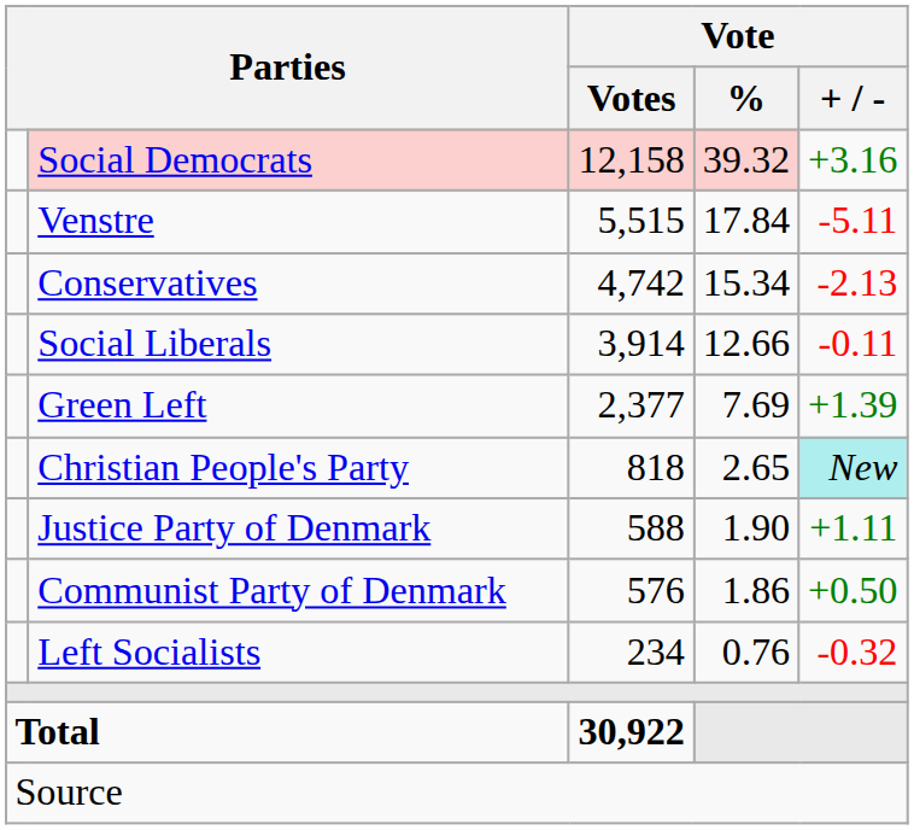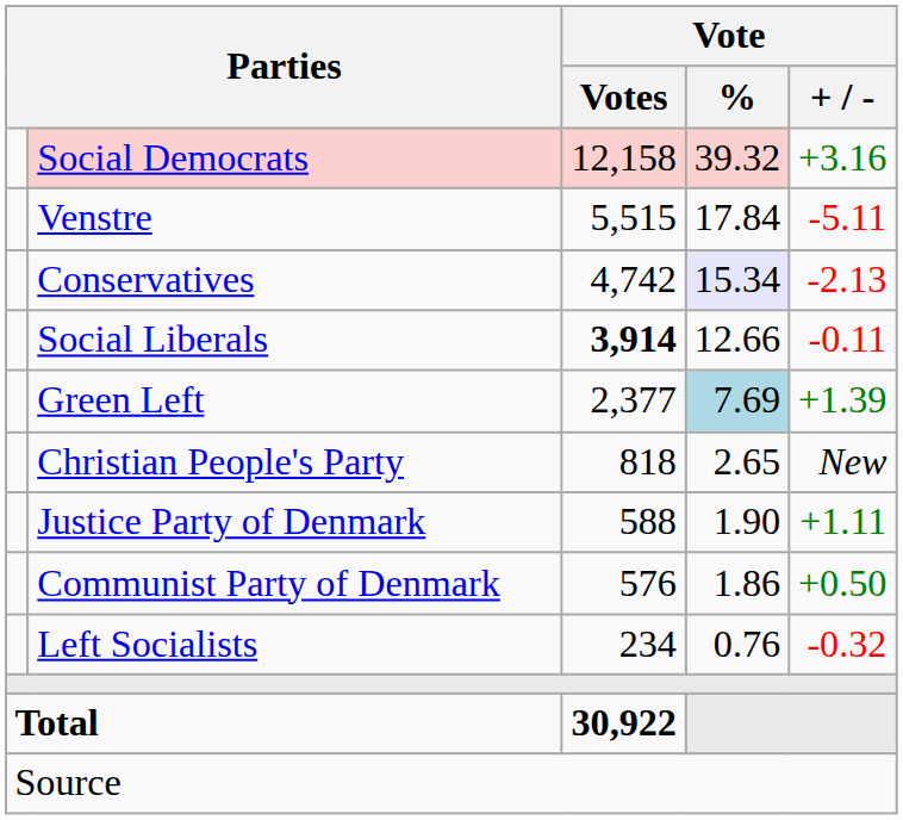 <table class="wikitable" style="text-align:right;">
 <tr>
 <th style="text-align:centre;" rowspan="2" colspan="2" width="225">Parties</th>
 <th colspan="3">Vote</th>
 </tr>
 <tr>
 <th width="15">Votes</th>
 <th width="15">%</th>
 <th width="15">+ / -</th>
 </tr>
 <tr>
 <td width="2" style="color:inherit;background:"></td>
 <td bgcolor=#fbd0ce  align="left"><a href='#'>Social Democrats</a></td>
 <td bgcolor=#fbd0ce>12,158</td>
 <td bgcolor=#fbd0ce>39.32</td>
 <td style=color:green;>+3.16</td>
 </tr>
 <tr>
 <td width="2" style="color:inherit;background:"></td>
 <td align="left"><a href='#'>Venstre</a></td>
 <td>5,515</td>
 <td>17.84</td>
 <td style=color:red;>-5.11</td>
 </tr>
 <tr>
 <td width="2" style="color:inherit;background:"></td>
 <td align="left"><a href='#'>Conservatives</a></td>
 <td>4,742</td>
-<td>15.34</td>
+<td style="background: lavender;">15.34</td>
 <td style=color:red;>-2.13</td>
 </tr>
 <tr>
 <td width="2" style="color:inherit;background:"></td>
 <td align="left"><a href='#'>Social Liberals</a></td>
-<td>3,914</td>
+<td><strong>3,914</strong></td>
 <td>12.66</td>
 <td style=color:red;>-0.11</td>
 </tr>
 <tr>
 <td width="2" style="color:inherit;background:"></td>
 <td align="left"><a href='#'>Green Left</a></td>
 <td>2,377</td>
-<td>7.69</td>
+<td style="background: lightblue;">7.69</td>
 <td style=color:green;>+1.39</td>
 </tr>
 <tr>
 <td width="2" style="color:inherit;background:"></td>
 <td align="left"><a href='#'>Christian People's Party</a></td>
 <td>818</td>
 <td>2.65</td>
-<td style="background: paleturquoise;"><em>New</em></td>
+<td><em>New</em></td>
 </tr>
 <tr>
 <td width="2" style="color:inherit;background:"></td>
 <td align="left"><a href='#'>Justice Party of Denmark</a></td>
 <td>588</td>
 <td>1.90</td>
 <td style=color:green;>+1.11</td>
 </tr>
 <tr>
 <td width="2" style="color:inherit;background:"></td>
 <td align="left"><a href='#'>Communist Party of Denmark</a></td>
 <td>576</td>
 <td>1.86</td>
 <td style=color:green;>+0.50</td>
 </tr>
 <tr>
 <td width="2" style="color:inherit;background:"></td>
 <td align="left"><a href='#'>Left Socialists</a></td>
 <td>234</td>
 <td>0.76</td>
 <td style=color:red;>-0.32</td>
 </tr>
 <tr>
 <td colspan="7" bgcolor="#E9E9E9"></td>
 </tr>
 <tr>
 <td align="left" colspan="2"><strong>Total</strong></td>
 <td><strong>30,922</strong></td>
 <td bgcolor="#E9E9E9" colspan="2"></td>
 </tr>
 <tr>
 <td align="left" colspan="6">Source</td>
 </tr>
 </table>
